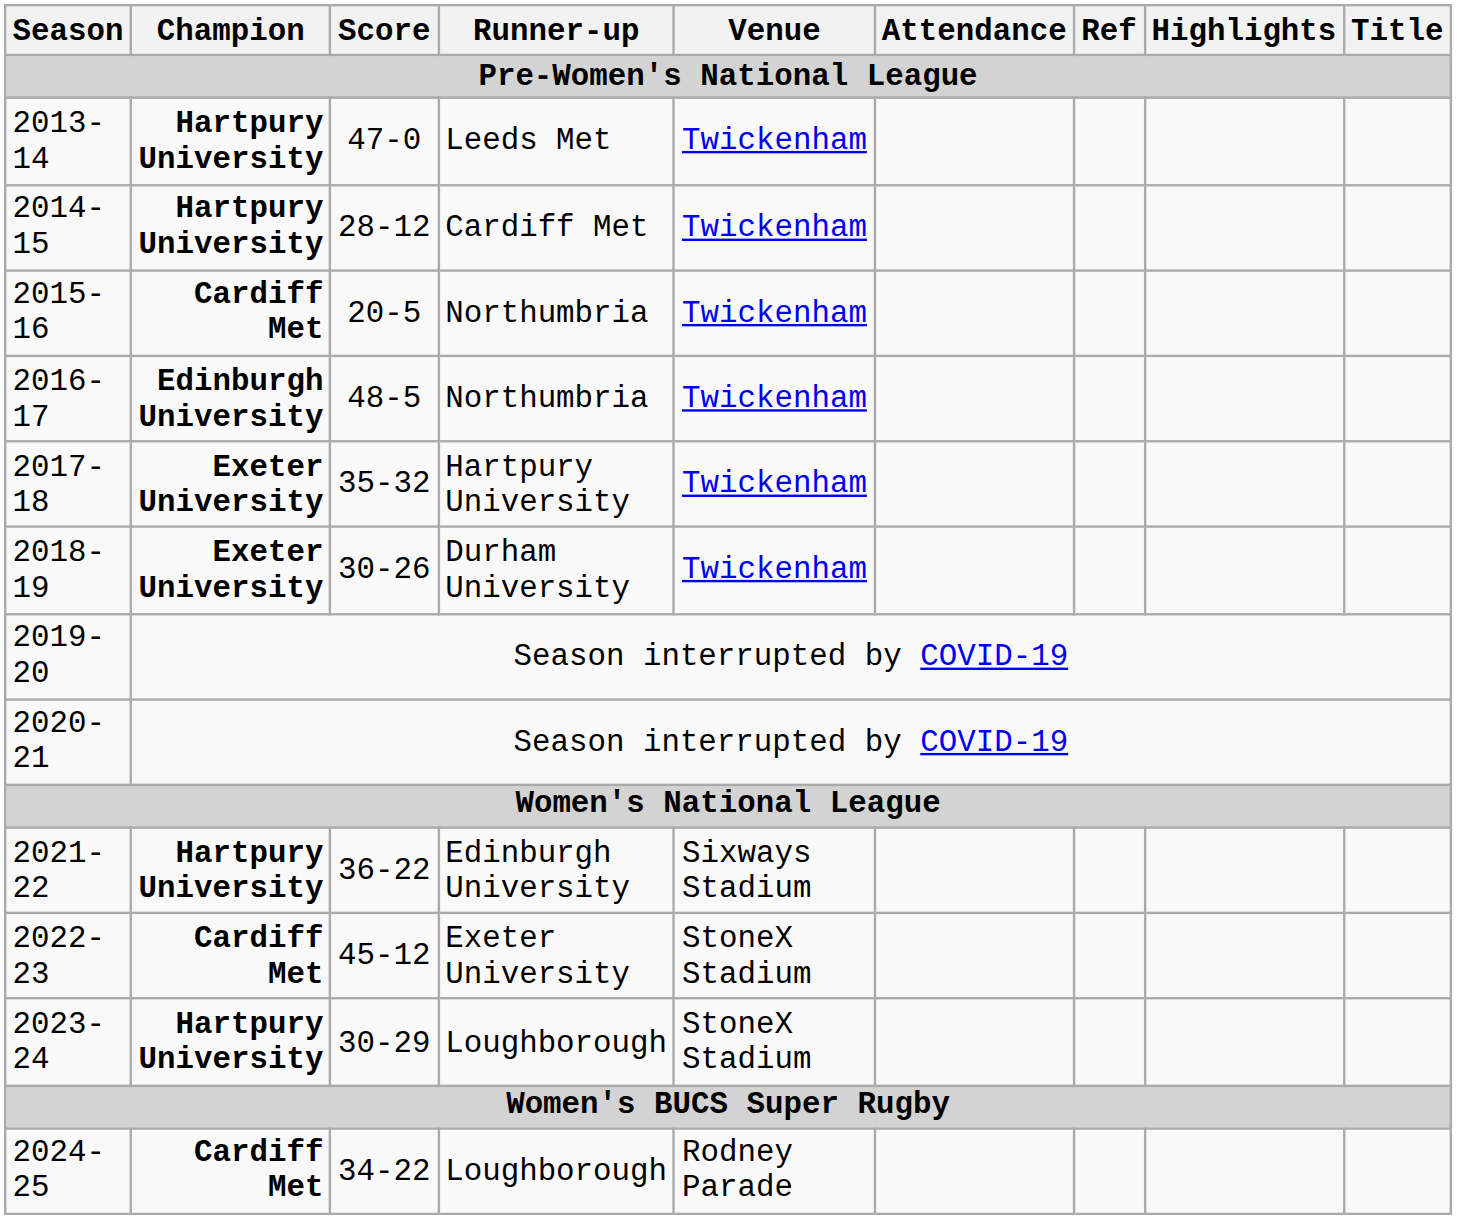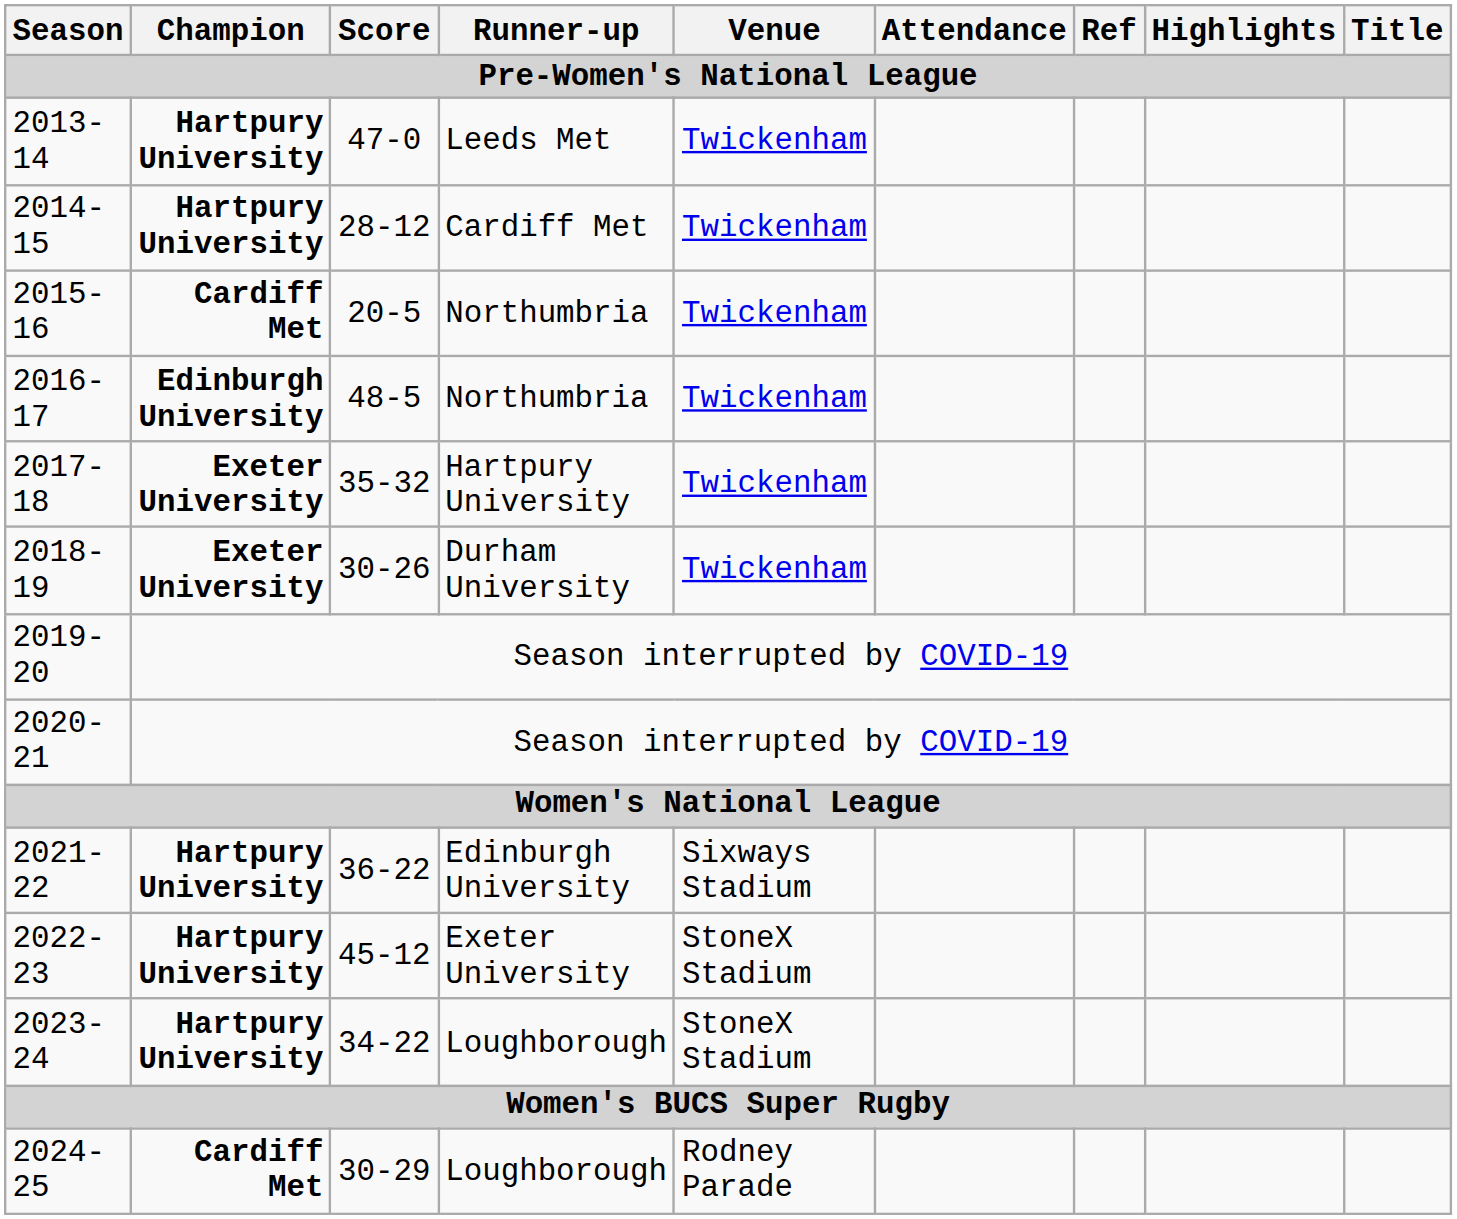 <table class="wikitable">
 <tr>
 <th>Season</th>
 <th> Champion</th>
 <th>Score</th>
 <th> Runner-up</th>
 <th>Venue</th>
 <th>Attendance</th>
 <th>Ref</th>
 <th>Highlights</th>
 <th>Title</th>
 </tr>
 <tr bgcolor=lightgrey>
 <td colspan=9 align=center style="line-height:12px;"><span><strong>Pre-Women's National League</strong></span></td>
 </tr>
 <tr>
 <td>2013-14</td>
 <td style="text-align:right;"><strong>Hartpury University</strong></td>
 <td style="text-align:center;">47-0</td>
 <td style="text-align:left;">Leeds Met</td>
 <td><a href='#'>Twickenham</a></td>
 <td></td>
 <td></td>
 <td></td>
 <td></td>
 </tr>
 <tr>
 <td>2014-15</td>
 <td style="text-align:right;"><strong>Hartpury University</strong></td>
 <td style="text-align:center;">28-12</td>
 <td style="text-align:left;">Cardiff Met</td>
 <td><a href='#'>Twickenham</a></td>
 <td></td>
 <td></td>
 <td></td>
 <td></td>
 </tr>
 <tr>
 <td>2015-16</td>
 <td style="text-align:right;"><strong>Cardiff Met</strong></td>
 <td style="text-align:center;">20-5</td>
 <td style="text-align:left;">Northumbria</td>
 <td><a href='#'>Twickenham</a></td>
 <td></td>
 <td></td>
 <td></td>
 <td></td>
 </tr>
 <tr>
 <td>2016-17</td>
 <td style="text-align:right;"><strong>Edinburgh University</strong></td>
 <td style="text-align:center;">48-5</td>
 <td style="text-align:left;">Northumbria</td>
 <td><a href='#'>Twickenham</a></td>
 <td></td>
 <td></td>
 <td></td>
 <td></td>
 </tr>
 <tr>
 <td>2017-18</td>
 <td style="text-align:right;"><strong>Exeter University</strong></td>
 <td style="text-align:center;">35-32</td>
 <td style="text-align:left;">Hartpury University</td>
 <td><a href='#'>Twickenham</a></td>
 <td></td>
 <td></td>
 <td></td>
 <td></td>
 </tr>
 <tr>
 <td>2018-19</td>
 <td style="text-align:right;"><strong>Exeter University</strong></td>
 <td style="text-align:center;">30-26</td>
 <td style="text-align:left;">Durham University</td>
 <td><a href='#'>Twickenham</a></td>
 <td></td>
 <td></td>
 <td></td>
 <td></td>
 </tr>
 <tr>
 <td>2019-20</td>
 <td align=center colspan="9">Season interrupted by <a href='#'>COVID-19</a></td>
 </tr>
 <tr>
 <td>2020-21</td>
 <td align=center colspan="9">Season interrupted by <a href='#'>COVID-19</a></td>
 </tr>
 <tr bgcolor=lightgrey>
 <td colspan=9 align=center style="line-height:12px;"><span><strong>Women's National League</strong></span></td>
 </tr>
 <tr>
 <td>2021-22</td>
 <td style="text-align:right;"><strong>Hartpury University</strong></td>
 <td style="text-align:center;">36-22</td>
 <td style="text-align:left;">Edinburgh University</td>
 <td>Sixways Stadium</td>
 <td></td>
 <td></td>
 <td></td>
 <td></td>
 </tr>
 <tr>
 <td>2022-23</td>
-<td style="text-align:right;"><strong>Cardiff Met</strong></td>
+<td style="text-align:right;"><strong>Hartpury University</strong></td>
 <td style="text-align:center;">45-12</td>
 <td style="text-align:left;">Exeter University</td>
 <td>StoneX Stadium</td>
 <td></td>
 <td></td>
 <td></td>
 <td></td>
 </tr>
 <tr>
 <td>2023-24</td>
 <td style="text-align:right;"><strong>Hartpury University</strong></td>
-<td style="text-align:center;">30-29</td>
+<td style="text-align:center;">34-22</td>
 <td style="text-align:left;">Loughborough</td>
 <td>StoneX Stadium</td>
 <td></td>
 <td></td>
 <td></td>
 <td></td>
 </tr>
 <tr bgcolor=lightgrey>
 <td colspan=9 align=center style="line-height:12px;"><span><strong>Women's BUCS Super Rugby</strong></span></td>
 </tr>
 <tr>
 <td>2024-25</td>
 <td style="text-align:right;"><strong>Cardiff Met</strong></td>
-<td style="text-align:center;">34-22</td>
+<td style="text-align:center;">30-29</td>
 <td style="text-align:left;">Loughborough</td>
 <td>Rodney Parade</td>
 <td></td>
 <td></td>
 <td></td>
 <td></td>
 </tr>
 </table>
